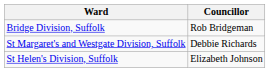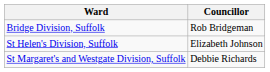 <table class="wikitable">
 <tr>
 <th>Ward</th>
 <th>Councillor</th>
 </tr>
 <tr>
 <td><a href='#'>Bridge Division, Suffolk</a></td>
 <td ! style="background-color:">Rob Bridgeman</td>
 </tr>
 <tr>
+<td><a href='#'>St Helen's Division, Suffolk</a></td>
+<td ! style="background-color:">Elizabeth Johnson</td>
+</tr>
+<tr>
 <td><a href='#'>St Margaret's and Westgate Division, Suffolk</a></td>
 <td ! style="background-color:">Debbie Richards</td>
 </tr>
-<tr>
-<td><a href='#'>St Helen's Division, Suffolk</a></td>
-<td ! style="background-color:">Elizabeth Johnson</td>
-</tr>
 </table>
